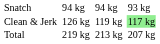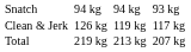 <table>
 <tr>
 <td>Snatch</td>
 <td></td>
 <td>94 kg</td>
 <td></td>
 <td>94 kg</td>
 <td></td>
 <td>93 kg</td>
 </tr>
 <tr>
 <td>Clean & Jerk</td>
 <td></td>
 <td>126 kg</td>
 <td></td>
 <td>119 kg</td>
 <td></td>
-<td style="background: lightgreen;">117 kg</td>
+<td>117 kg</td>
 </tr>
 <tr>
 <td>Total</td>
 <td></td>
 <td>219 kg</td>
 <td></td>
 <td>213 kg</td>
 <td></td>
 <td>207 kg</td>
 </tr>
 </table>
